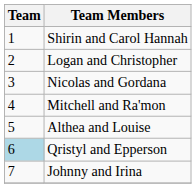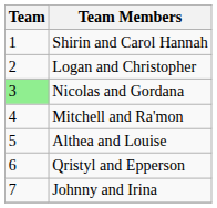 <table class="wikitable">
 <tr>
 <th>Team</th>
 <th>Team Members</th>
 </tr>
 <tr>
 <td>1</td>
 <td>Shirin and Carol Hannah</td>
 </tr>
 <tr>
 <td>2</td>
 <td>Logan and Christopher</td>
 </tr>
 <tr>
-<td>3</td>
+<td style="background: lightgreen;">3</td>
 <td>Nicolas and Gordana</td>
 </tr>
 <tr>
 <td>4</td>
 <td>Mitchell and Ra'mon</td>
 </tr>
 <tr>
 <td>5</td>
 <td>Althea and Louise</td>
 </tr>
 <tr>
-<td style="background: lightblue;">6</td>
+<td>6</td>
 <td>Qristyl and Epperson</td>
 </tr>
 <tr>
 <td>7</td>
 <td>Johnny and Irina</td>
 </tr>
 <tr>
 </tr>
 </table>
